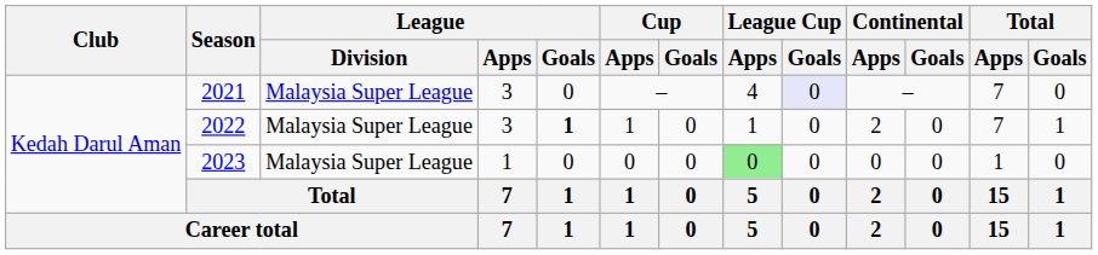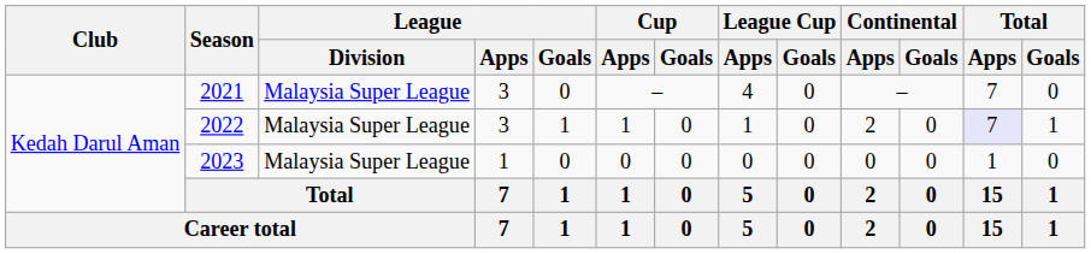 <table class=wikitable style="text-align:center">
 <tr>
 <th rowspan=2>Club</th>
 <th rowspan=2>Season</th>
 <th colspan=3>League</th>
 <th colspan=2>Cup</th>
 <th colspan=2>League Cup</th>
 <th colspan=2>Continental</th>
 <th colspan=2>Total</th>
 </tr>
 <tr>
 <th>Division</th>
 <th>Apps</th>
 <th>Goals</th>
 <th>Apps</th>
 <th>Goals</th>
 <th>Apps</th>
 <th>Goals</th>
 <th>Apps</th>
 <th>Goals</th>
 <th>Apps</th>
 <th>Goals</th>
 </tr>
 <tr>
 <td rowspan="4"><a href='#'>Kedah Darul Aman</a></td>
 <td><a href='#'>2021</a></td>
 <td><a href='#'>Malaysia Super League</a></td>
 <td>3</td>
 <td>0</td>
 <td colspan=2>–</td>
 <td>4</td>
-<td style="background: lavender;">0</td>
+<td>0</td>
 <td colspan=2>–</td>
 <td>7</td>
 <td>0</td>
 </tr>
 <tr>
 <td><a href='#'>2022</a></td>
 <td>Malaysia Super League</td>
 <td>3</td>
-<td><strong>1</strong></td>
+<td>1</td>
 <td>1</td>
 <td>0</td>
 <td>1</td>
 <td>0</td>
 <td>2</td>
 <td>0</td>
-<td>7</td>
+<td style="background: lavender;">7</td>
 <td>1</td>
 </tr>
 <tr>
 <td><a href='#'>2023</a></td>
 <td>Malaysia Super League</td>
 <td>1</td>
 <td>0</td>
 <td>0</td>
 <td>0</td>
-<td style="background: lightgreen;">0</td>
+<td>0</td>
 <td>0</td>
 <td>0</td>
 <td>0</td>
 <td>1</td>
 <td>0</td>
 </tr>
 <tr>
 <th colspan=2>Total</th>
 <th>7</th>
 <th>1</th>
 <th>1</th>
 <th>0</th>
 <th>5</th>
 <th>0</th>
 <th>2</th>
 <th>0</th>
 <th>15</th>
 <th>1</th>
 </tr>
 <tr>
 <th colspan=3>Career total</th>
 <th>7</th>
 <th>1</th>
 <th>1</th>
 <th>0</th>
 <th>5</th>
 <th>0</th>
 <th>2</th>
 <th>0</th>
 <th>15</th>
 <th>1</th>
 </tr>
 </table>
